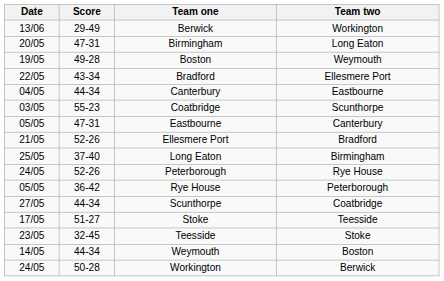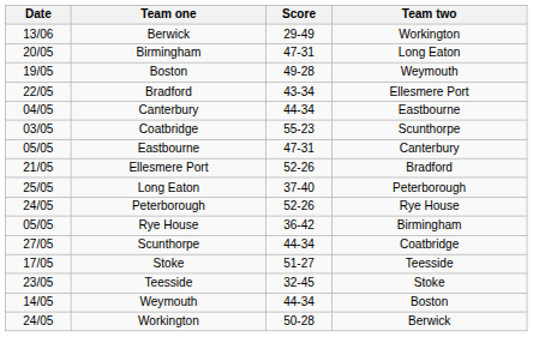 <table class="wikitable" style="text-align: center">
 <tr>
 <th width=80>Date</th>
+<th width=250>Team one</th>
 <th width=80>Score</th>
-<th width=250>Team one</th>
 <th width=250>Team two</th>
 </tr>
 <tr>
 <td>13/06</td>
+<td>Berwick</td>
 <td>29-49</td>
-<td>Berwick</td>
 <td>Workington</td>
 </tr>
 <tr>
 <td>20/05</td>
+<td>Birmingham</td>
 <td>47-31</td>
-<td>Birmingham</td>
 <td>Long Eaton</td>
 </tr>
 <tr>
 <td>19/05</td>
+<td>Boston</td>
 <td>49-28</td>
-<td>Boston</td>
 <td>Weymouth</td>
 </tr>
 <tr>
 <td>22/05</td>
+<td>Bradford</td>
 <td>43-34</td>
-<td>Bradford</td>
 <td>Ellesmere Port</td>
 </tr>
 <tr>
 <td>04/05</td>
+<td>Canterbury</td>
 <td>44-34</td>
-<td>Canterbury</td>
 <td>Eastbourne</td>
 </tr>
 <tr>
 <td>03/05</td>
+<td>Coatbridge</td>
 <td>55-23</td>
-<td>Coatbridge</td>
 <td>Scunthorpe</td>
 </tr>
 <tr>
 <td>05/05</td>
+<td>Eastbourne</td>
 <td>47-31</td>
-<td>Eastbourne</td>
 <td>Canterbury</td>
 </tr>
 <tr>
 <td>21/05</td>
+<td>Ellesmere Port</td>
 <td>52-26</td>
-<td>Ellesmere Port</td>
 <td>Bradford</td>
 </tr>
 <tr>
 <td>25/05</td>
+<td>Long Eaton</td>
 <td>37-40</td>
-<td>Long Eaton</td>
-<td>Birmingham</td>
+<td>Peterborough</td>
 </tr>
 <tr>
 <td>24/05</td>
+<td>Peterborough</td>
 <td>52-26</td>
-<td>Peterborough</td>
 <td>Rye House</td>
 </tr>
 <tr>
 <td>05/05</td>
+<td>Rye House</td>
 <td>36-42</td>
-<td>Rye House</td>
-<td>Peterborough</td>
+<td>Birmingham</td>
 </tr>
 <tr>
 <td>27/05</td>
+<td>Scunthorpe</td>
 <td>44-34</td>
-<td>Scunthorpe</td>
 <td>Coatbridge</td>
 </tr>
 <tr>
 <td>17/05</td>
+<td>Stoke</td>
 <td>51-27</td>
-<td>Stoke</td>
 <td>Teesside</td>
 </tr>
 <tr>
 <td>23/05</td>
+<td>Teesside</td>
 <td>32-45</td>
-<td>Teesside</td>
 <td>Stoke</td>
 </tr>
 <tr>
 <td>14/05</td>
+<td>Weymouth</td>
 <td>44-34</td>
-<td>Weymouth</td>
 <td>Boston</td>
 </tr>
 <tr>
 <td>24/05</td>
+<td>Workington</td>
 <td>50-28</td>
-<td>Workington</td>
 <td>Berwick</td>
 </tr>
 </table>
